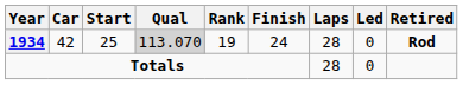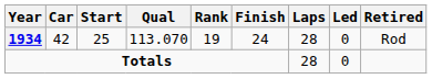 <table class="wikitable" style="text-align:center">
 <tr>
 <th>Year</th>
 <th>Car</th>
 <th>Start</th>
 <th>Qual</th>
 <th>Rank</th>
 <th>Finish</th>
 <th>Laps</th>
 <th>Led</th>
 <th>Retired</th>
 </tr>
 <tr>
 <th><a href='#'>1934</a></th>
 <td>42</td>
 <td>25</td>
-<td style="background: lightgrey;">113.070</td>
+<td>113.070</td>
 <td>19</td>
 <td>24</td>
 <td>28</td>
 <td>0</td>
-<td><strong>Rod</strong></td>
+<td>Rod</td>
 </tr>
 <tr>
 <td colspan=6><strong>Totals</strong></td>
 <td>28</td>
 <td>0</td>
 <td></td>
 </tr>
 </table>
